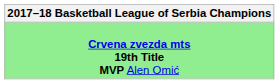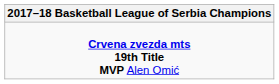 <table class=wikitable style="text-align:center; margin:auto">
 <tr>
 <th>2017–18 Basketball League of Serbia Champions</th>
 </tr>
 <tr>
-<td style="background: lightgreen;"><br><strong><a href='#'>Crvena zvezda mts</a></strong><br><strong>19th Title</strong><br><strong>MVP</strong>  <a href='#'>Alen Omić</a></td>
+<td><br><strong><a href='#'>Crvena zvezda mts</a></strong><br><strong>19th Title</strong><br><strong>MVP</strong>  <a href='#'>Alen Omić</a></td>
 </tr>
 </table>
